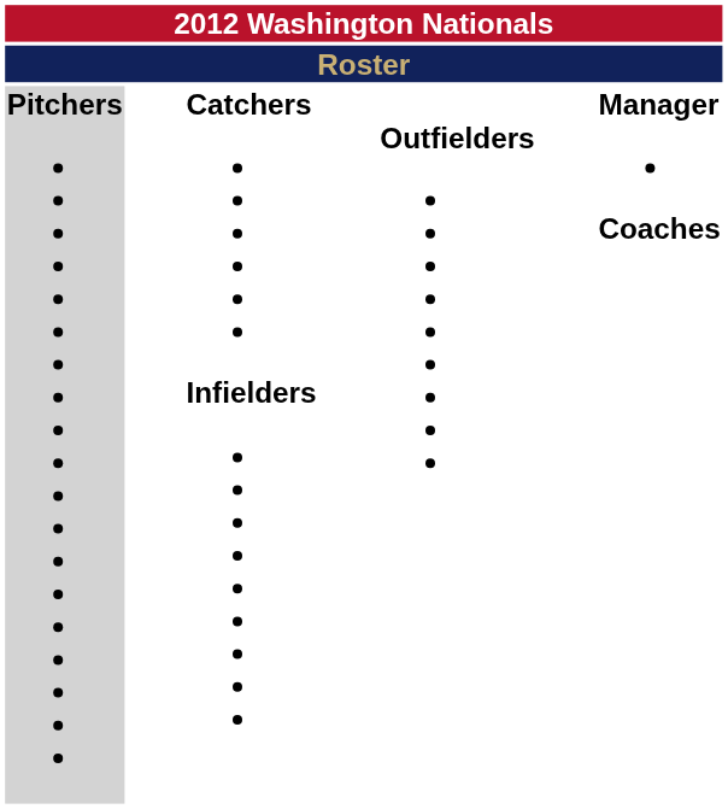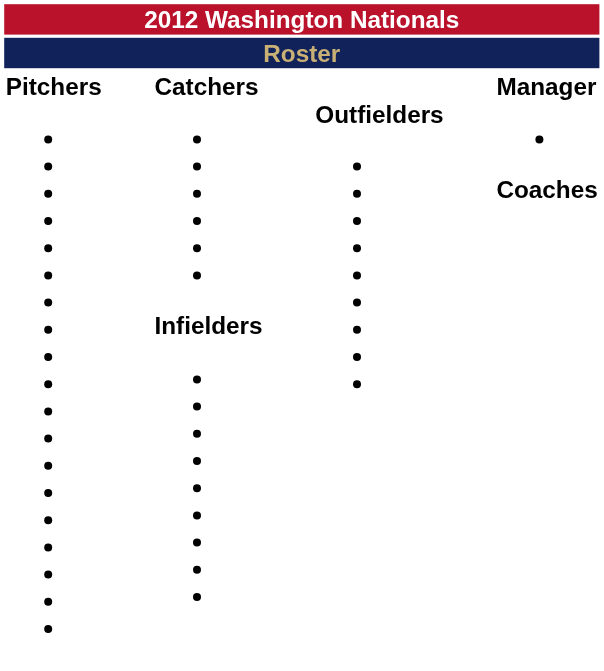 <table class="toccolours" style="font-size: 95%;">
 <tr>
 <th colspan="10" style="background-color: #ba122b; color: #FFFFFF; text-align: center;">2012 Washington Nationals</th>
 </tr>
 <tr>
 <td colspan="10" style="background-color: #11225b; color: #c9b074; text-align: center;"><strong>Roster</strong></td>
 </tr>
 <tr>
-<td valign="top" style="background: lightgrey;"><strong>Pitchers</strong><br><ul><li></li><li></li><li></li><li></li><li></li><li></li><li></li><li></li><li></li><li></li><li></li><li></li><li></li><li></li><li></li><li></li><li></li><li></li><li></li></ul></td>
+<td valign="top"><strong>Pitchers</strong><br><ul><li></li><li></li><li></li><li></li><li></li><li></li><li></li><li></li><li></li><li></li><li></li><li></li><li></li><li></li><li></li><li></li><li></li><li></li><li></li></ul></td>
 <td width="25px"></td>
 <td valign="top"><strong>Catchers</strong><br><ul><li></li><li></li><li></li><li></li><li></li><li></li></ul><strong>Infielders</strong><ul><li></li><li></li><li></li><li></li><li></li><li></li><li></li><li></li><li></li></ul></td>
 <td width="25px"></td>
 <td valign="top"><br><strong>Outfielders</strong><ul><li></li><li></li><li></li><li></li><li></li><li></li><li></li><li></li><li></li></ul></td>
 <td width="25px"></td>
 <td valign="top"><strong>Manager</strong><br><ul><li></li></ul><strong>Coaches</strong>            </td>
 </tr>
 <tr>
 </tr>
 </table>
